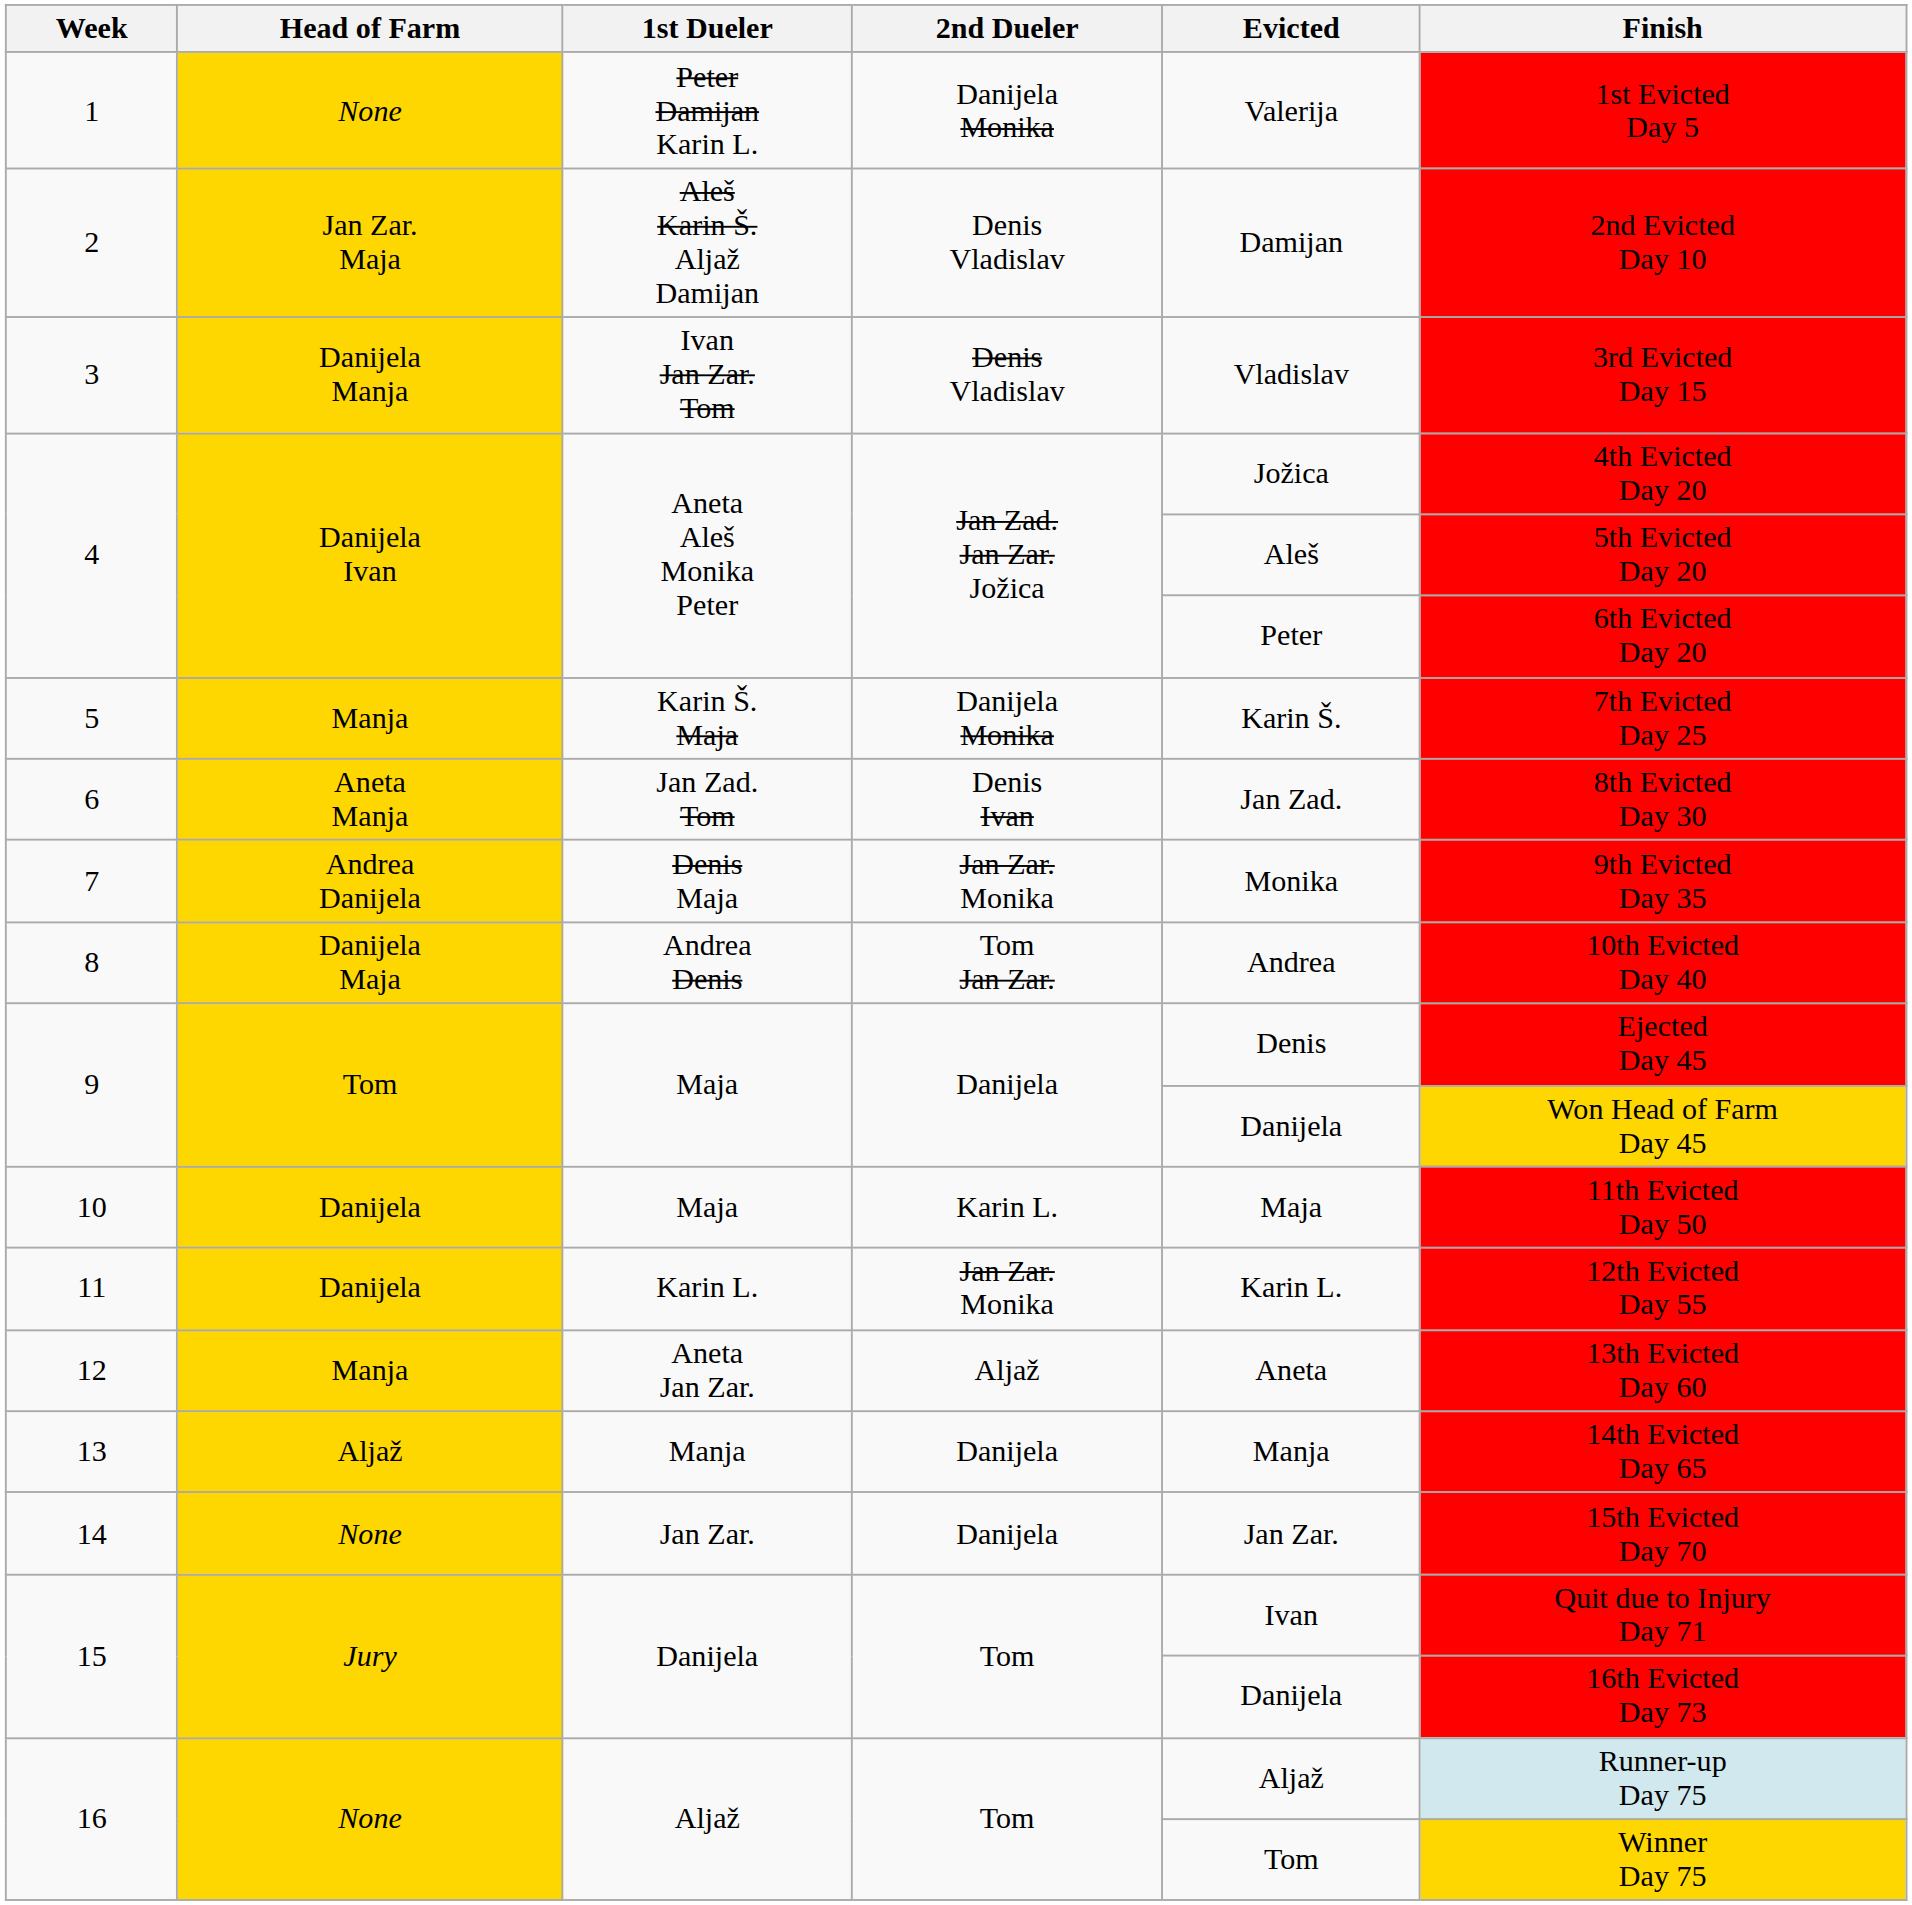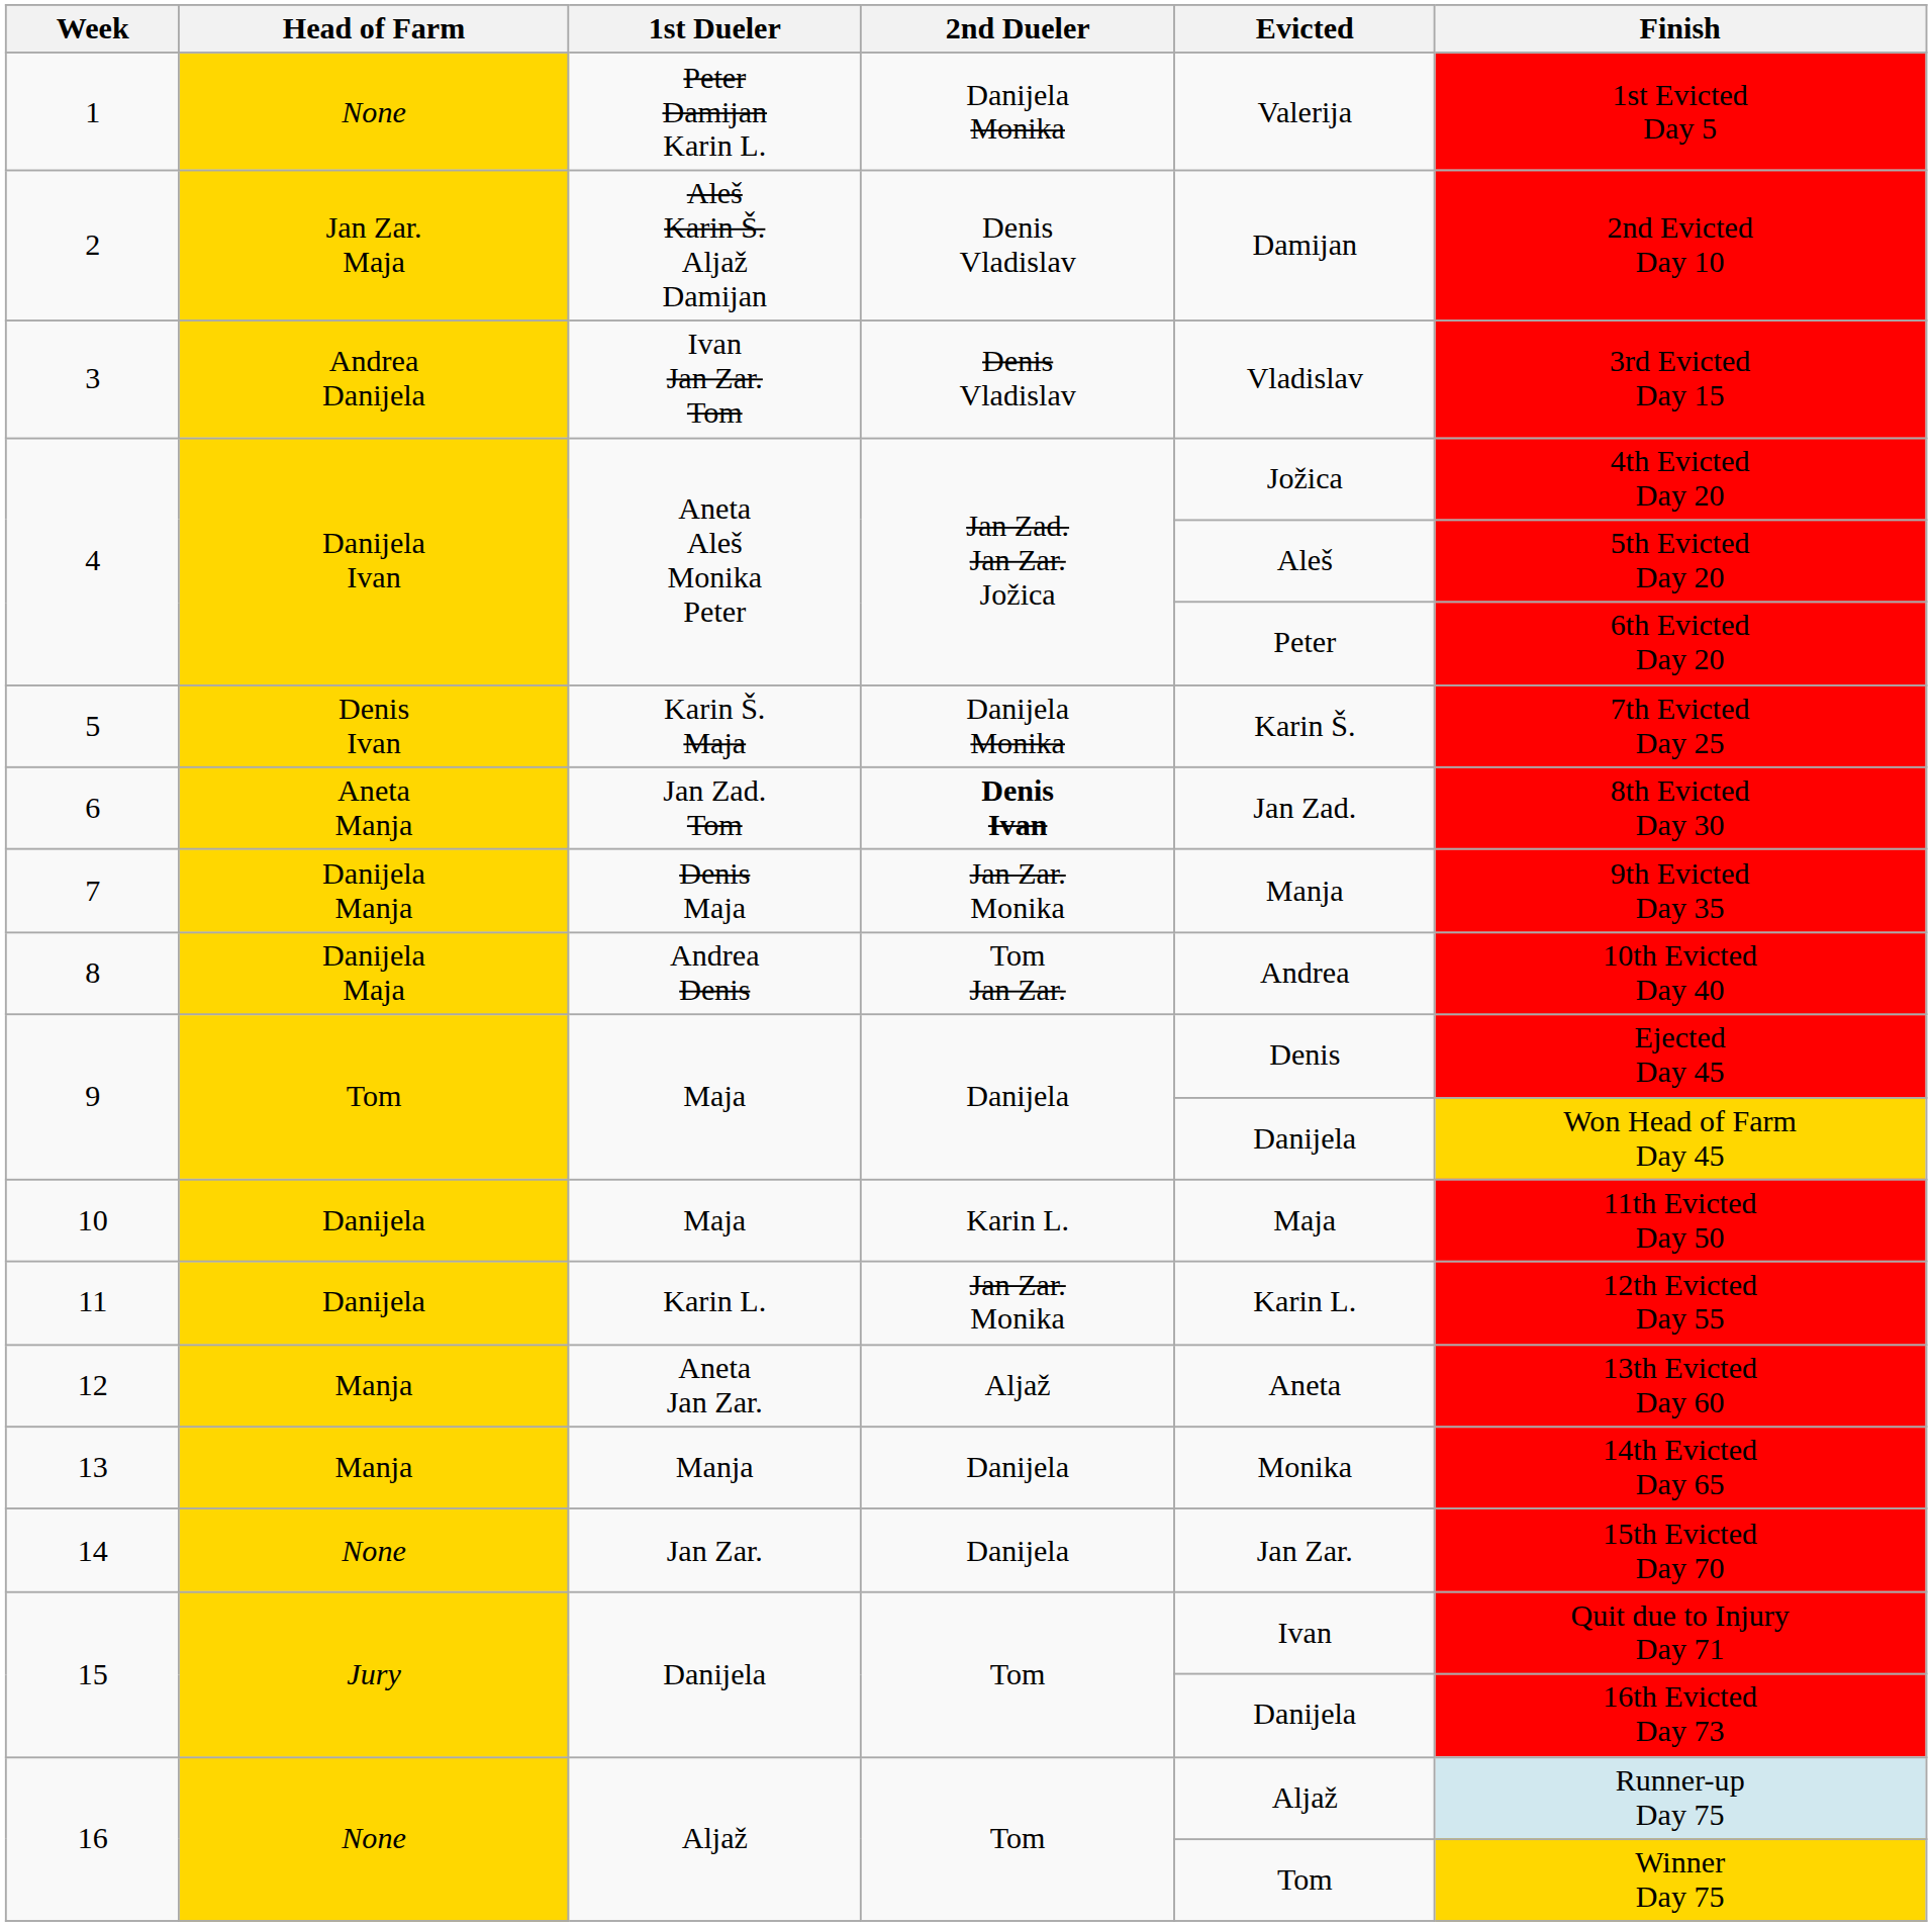 <table class="wikitable" style="font-size:100%; text-align:center; width: 80%; margin-left: auto; margin-right: auto;">
 <tr>
 <th>Week</th>
 <th>Head of Farm</th>
 <th>1st Dueler</th>
 <th>2nd Dueler</th>
 <th>Evicted</th>
 <th>Finish</th>
 </tr>
 <tr>
 <td>1</td>
 <td style="background:gold;"><em>None</em></td>
 <td><s>Peter</s><br><s>Damijan</s><br>Karin L.</td>
 <td>Danijela<br><s>Monika</s></td>
 <td>Valerija</td>
 <td style="background:#ff0000">1st Evicted<br>Day 5</td>
 </tr>
 <tr>
 <td>2</td>
 <td style="background:gold;">Jan Zar.<br>Maja</td>
 <td><s>Aleš</s><br><s>Karin Š.</s><br>Aljaž<br>Damijan</td>
 <td>Denis<br>Vladislav</td>
 <td>Damijan</td>
 <td style="background:#ff0000">2nd Evicted<br>Day 10</td>
 </tr>
 <tr>
 <td>3</td>
-<td style="background:gold;">Danijela<br>Manja</td>
+<td style="background:gold;">Andrea<br>Danijela</td>
 <td>Ivan<br><s>Jan Zar.</s><br><s>Tom</s></td>
 <td><s>Denis</s><br>Vladislav</td>
 <td>Vladislav</td>
 <td style="background:#ff0000">3rd Evicted<br>Day 15</td>
 </tr>
 <tr>
 <td rowspan="3">4</td>
 <td rowspan="3" style="background:gold;">Danijela<br>Ivan</td>
 <td rowspan="3">Aneta<br>Aleš<br>Monika<br>Peter</td>
 <td rowspan="3"><s>Jan Zad.<br>Jan Zar.</s><br>Jožica</td>
 <td rowspan="1">Jožica</td>
 <td rowspan="1" style="background:#ff0000">4th Evicted<br>Day 20</td>
 </tr>
 <tr>
 <td rowspan="1">Aleš</td>
 <td rowspan="1" style="background:#ff0000">5th Evicted<br>Day 20</td>
 </tr>
 <tr>
 <td rowspan="1">Peter</td>
 <td rowspan="1" style="background:#ff0000">6th Evicted<br>Day 20</td>
 </tr>
 <tr>
 <td>5</td>
-<td style="background:gold;">Manja</td>
+<td style="background:gold;">Denis<br>Ivan</td>
 <td>Karin Š.<br><s>Maja</s></td>
 <td>Danijela<br><s>Monika</s></td>
 <td>Karin Š.</td>
 <td style="background:#ff0000">7th Evicted<br>Day 25</td>
 </tr>
 <tr>
 <td>6</td>
 <td style="background:gold;">Aneta<br>Manja</td>
 <td>Jan Zad.<br><s>Tom</s></td>
-<td>Denis<br><s>Ivan</s></td>
+<td><strong>Denis<br><s>Ivan</s></strong></td>
 <td>Jan Zad.</td>
 <td style="background:#ff0000">8th Evicted<br>Day 30</td>
 </tr>
 <tr>
 <td>7</td>
-<td style="background:gold;">Andrea<br>Danijela</td>
+<td style="background:gold;">Danijela<br>Manja</td>
 <td><s>Denis</s><br>Maja</td>
 <td><s>Jan Zar.</s><br>Monika</td>
-<td>Monika</td>
+<td>Manja</td>
 <td style="background:#ff0000">9th Evicted<br>Day 35</td>
 </tr>
 <tr>
 <td>8</td>
 <td style="background:gold;">Danijela<br>Maja</td>
 <td>Andrea<br><s>Denis</s></td>
 <td>Tom<br><s>Jan Zar.</s></td>
 <td>Andrea</td>
 <td style="background:#ff0000">10th Evicted<br>Day 40</td>
 </tr>
 <tr>
 <td rowspan="2">9</td>
 <td rowspan="2" style="background:gold;">Tom</td>
 <td rowspan="2">Maja</td>
 <td rowspan="2">Danijela</td>
 <td rowspan="1">Denis</td>
 <td rowspan="1" style="background:#ff0000">Ejected<br>Day 45</td>
 </tr>
 <tr>
 <td rowspan="1">Danijela</td>
 <td rowspan="1" style="background:gold">Won Head of Farm<br>Day 45</td>
 </tr>
 <tr>
 <td>10</td>
 <td style="background:gold;">Danijela</td>
 <td>Maja</td>
 <td>Karin L.</td>
 <td>Maja</td>
 <td style="background:#ff0000">11th Evicted<br>Day 50</td>
 </tr>
 <tr>
 <td>11</td>
 <td style="background:gold;">Danijela</td>
 <td>Karin L.</td>
 <td><s>Jan Zar.</s><br>Monika</td>
 <td>Karin L.</td>
 <td style="background:#ff0000">12th Evicted<br>Day 55</td>
 </tr>
 <tr>
 <td>12</td>
 <td style="background:gold;">Manja</td>
 <td>Aneta<br>Jan Zar.</td>
 <td>Aljaž</td>
 <td>Aneta</td>
 <td style="background:#ff0000">13th Evicted<br>Day 60</td>
 </tr>
 <tr>
 <td>13</td>
-<td style="background:gold;">Aljaž</td>
+<td style="background:gold;">Manja</td>
 <td>Manja</td>
 <td>Danijela</td>
-<td>Manja</td>
+<td>Monika</td>
 <td style="background:#ff0000">14th Evicted<br>Day 65</td>
 </tr>
 <tr>
 <td>14</td>
 <td style="background:gold;"><em>None</em></td>
 <td>Jan Zar.</td>
 <td>Danijela</td>
 <td>Jan Zar.</td>
 <td style="background:#ff0000">15th Evicted<br>Day 70</td>
 </tr>
 <tr>
 <td rowspan="2">15</td>
 <td rowspan="2" style="background:gold;"><em>Jury</em></td>
 <td rowspan="2">Danijela</td>
 <td rowspan="2">Tom</td>
 <td rowspan="1">Ivan</td>
 <td rowspan="1" style="background:#ff0000">Quit due to Injury<br>Day 71</td>
 </tr>
 <tr>
 <td rowspan="1">Danijela</td>
 <td rowspan="1" style="background:#ff0000">16th Evicted<br>Day 73</td>
 </tr>
 <tr>
 <td rowspan="2">16</td>
 <td rowspan="2" style="background:gold;"><em>None</em></td>
 <td rowspan="2">Aljaž</td>
 <td rowspan="2">Tom</td>
 <td rowspan="1">Aljaž</td>
 <td rowspan="1" style="background:#D1E8EF">Runner-up<br>Day 75</td>
 </tr>
 <tr>
 <td rowspan="1">Tom</td>
 <td rowspan="1" style="background:gold">Winner<br>Day 75</td>
 </tr>
 </table>
